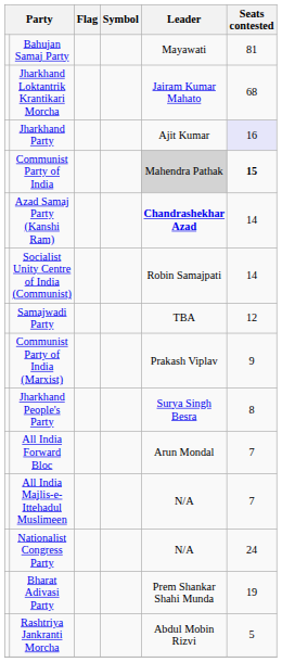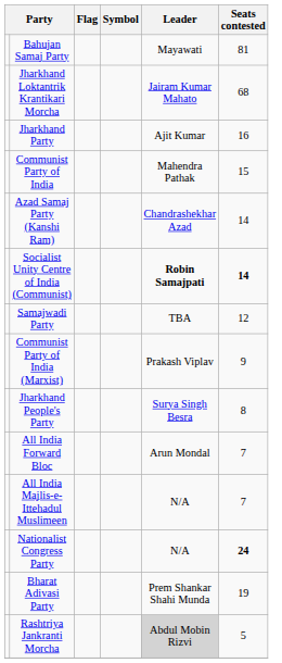 <table class="wikitable" width="50%" style="text-align:center;">
 <tr>
 <th colspan="2">Party</th>
 <th>Flag</th>
 <th>Symbol</th>
 <th>Leader</th>
 <th>Seats contested</th>
 </tr>
 <tr>
 <td></td>
 <td><a href='#'>Bahujan Samaj Party</a></td>
 <td></td>
 <td></td>
 <td>Mayawati</td>
 <td>81</td>
 </tr>
 <tr>
 <td></td>
 <td><a href='#'>Jharkhand Loktantrik Krantikari Morcha</a></td>
 <td></td>
 <td></td>
 <td><a href='#'>Jairam Kumar Mahato</a></td>
 <td>68</td>
 </tr>
 <tr>
 <td></td>
 <td><a href='#'>Jharkhand Party</a></td>
 <td></td>
 <td></td>
 <td>Ajit Kumar</td>
-<td style="background: lavender;">16</td>
+<td>16</td>
 </tr>
 <tr>
 <td></td>
 <td><a href='#'>Communist Party of India</a></td>
 <td></td>
 <td></td>
-<td style="background: lightgrey;">Mahendra Pathak</td>
-<td><strong>15</strong></td>
+<td>Mahendra Pathak</td>
+<td>15</td>
 </tr>
 <tr>
 <td></td>
 <td><a href='#'>Azad Samaj Party (Kanshi Ram)</a></td>
 <td></td>
 <td></td>
-<td><strong><a href='#'>Chandrashekhar Azad</a></strong></td>
+<td><a href='#'>Chandrashekhar Azad</a></td>
 <td>14</td>
 </tr>
 <tr>
 <td></td>
 <td><a href='#'>Socialist Unity Centre of India (Communist)</a></td>
 <td></td>
 <td></td>
-<td>Robin Samajpati</td>
-<td>14</td>
+<td><strong>Robin Samajpati</strong></td>
+<td><strong>14</strong></td>
 </tr>
 <tr>
 <td></td>
 <td><a href='#'>Samajwadi Party</a></td>
 <td></td>
 <td></td>
 <td>TBA</td>
 <td>12</td>
 </tr>
 <tr>
 <td></td>
 <td><a href='#'>Communist Party of India (Marxist)</a></td>
 <td></td>
 <td></td>
 <td>Prakash Viplav</td>
 <td>9</td>
 </tr>
 <tr>
 <td></td>
 <td><a href='#'>Jharkhand People's Party</a></td>
 <td></td>
 <td></td>
 <td><a href='#'>Surya Singh Besra</a></td>
 <td>8</td>
 </tr>
 <tr>
 <td></td>
 <td><a href='#'>All India Forward Bloc</a></td>
 <td></td>
 <td></td>
 <td>Arun Mondal</td>
 <td>7</td>
 </tr>
 <tr>
 <td></td>
 <td><a href='#'>All India Majlis-e-Ittehadul Muslimeen</a></td>
 <td></td>
 <td></td>
 <td>N/A</td>
 <td>7</td>
 </tr>
 <tr>
 <td></td>
 <td><a href='#'>Nationalist Congress Party</a></td>
 <td></td>
 <td></td>
 <td>N/A</td>
-<td>24</td>
+<td><strong>24</strong></td>
 </tr>
 <tr>
 <td></td>
 <td><a href='#'>Bharat Adivasi Party</a></td>
 <td></td>
 <td></td>
 <td>Prem Shankar Shahi Munda</td>
 <td>19</td>
 </tr>
 <tr>
 <td></td>
 <td><a href='#'>Rashtriya Jankranti Morcha</a></td>
 <td></td>
 <td></td>
-<td>Abdul Mobin Rizvi</td>
+<td style="background: lightgrey;">Abdul Mobin Rizvi</td>
 <td>5</td>
 </tr>
 <tr>
 </tr>
 </table>
